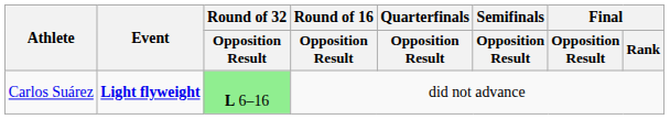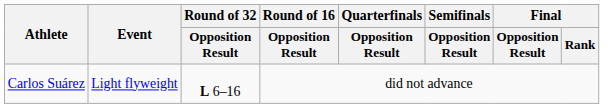 <table class="wikitable" style="font-size:90%">
 <tr>
 <th rowspan="2">Athlete</th>
 <th rowspan="2">Event</th>
 <th>Round of 32</th>
 <th>Round of 16</th>
 <th>Quarterfinals</th>
 <th>Semifinals</th>
 <th colspan=2>Final</th>
 </tr>
 <tr style="font-size:95%">
 <th>Opposition<br>Result</th>
 <th>Opposition<br>Result</th>
 <th>Opposition<br>Result</th>
 <th>Opposition<br>Result</th>
 <th>Opposition<br>Result</th>
 <th>Rank</th>
 </tr>
 <tr align=center>
 <td align=left><a href='#'>Carlos Suárez</a></td>
-<td align=left><strong><a href='#'>Light flyweight</a></strong></td>
-<td style="background: lightgreen;"><br><strong>L</strong> 6–16</td>
+<td align=left><a href='#'>Light flyweight</a></td>
+<td><br><strong>L</strong> 6–16</td>
 <td colspan=5>did not advance</td>
 </tr>
 </table>
